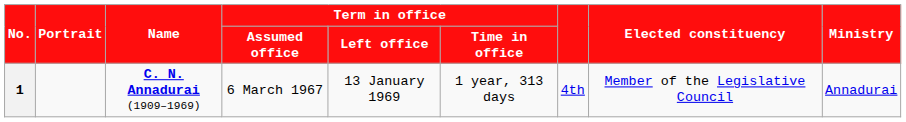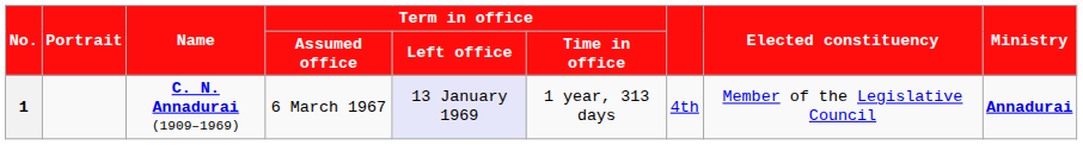 <table class="wikitable sortable" style="text-align:center;">
 <tr>
 <th rowspan=2 style="background-color:#FF0D0D;color:white">No.</th>
 <th rowspan=2 style="background-color:#FF0D0D;color:white">Portrait</th>
 <th rowspan=2 style="background-color:#FF0D0D;color:white">Name<br></th>
 <th colspan=3 style="background-color:#FF0D0D;color:white">Term in office</th>
 <th rowspan=2 style="background-color:#FF0D0D;color:white"><a href='#'></a><br></th>
 <th rowspan=2 style="background-color:#FF0D0D;color:white">Elected constituency</th>
 <th rowspan=2 style="background-color:#FF0D0D;color:white">Ministry</th>
 </tr>
 <tr>
 <th style="background-color:#FF0D0D;color:white">Assumed office</th>
 <th style="background-color:#FF0D0D;color:white">Left office</th>
 <th style="background-color:#FF0D0D;color:white">Time in office</th>
 </tr>
 <tr>
 <th>1</th>
 <td></td>
 <td><strong><a href='#'>C. N. Annadurai</a></strong><br><small>(1909–1969)</small></td>
 <td>6 March 1967</td>
-<td>13 January 1969</td>
+<td style="background: lavender;">13 January 1969</td>
 <td>1 year, 313 days</td>
 <td><a href='#'>4th</a><br></td>
 <td><a href='#'>Member</a> of the <a href='#'>Legislative Council</a></td>
-<td><a href='#'>Annadurai</a></td>
+<td><strong><a href='#'>Annadurai</a></strong></td>
 </tr>
 </table>
